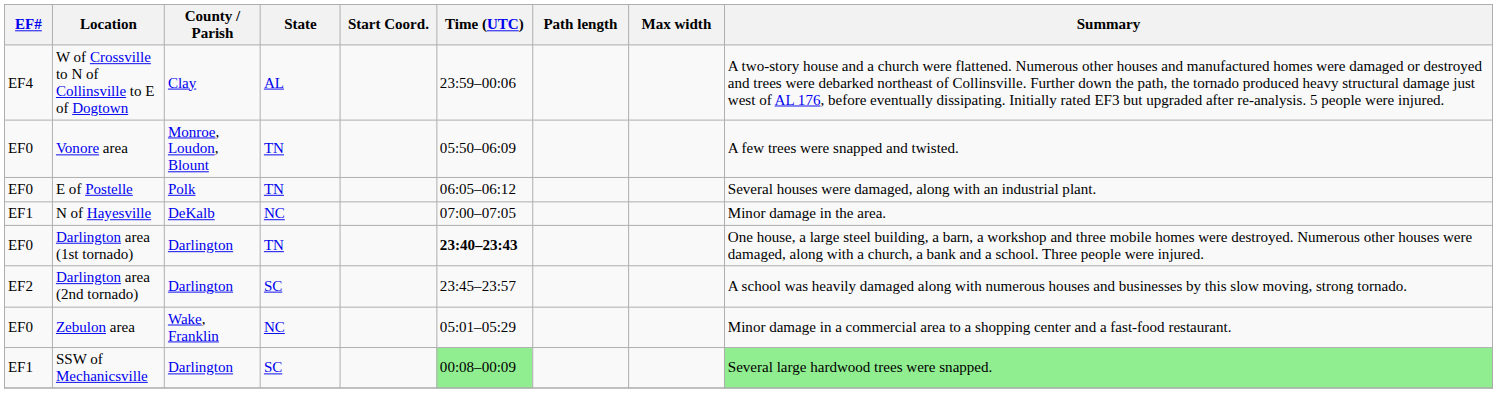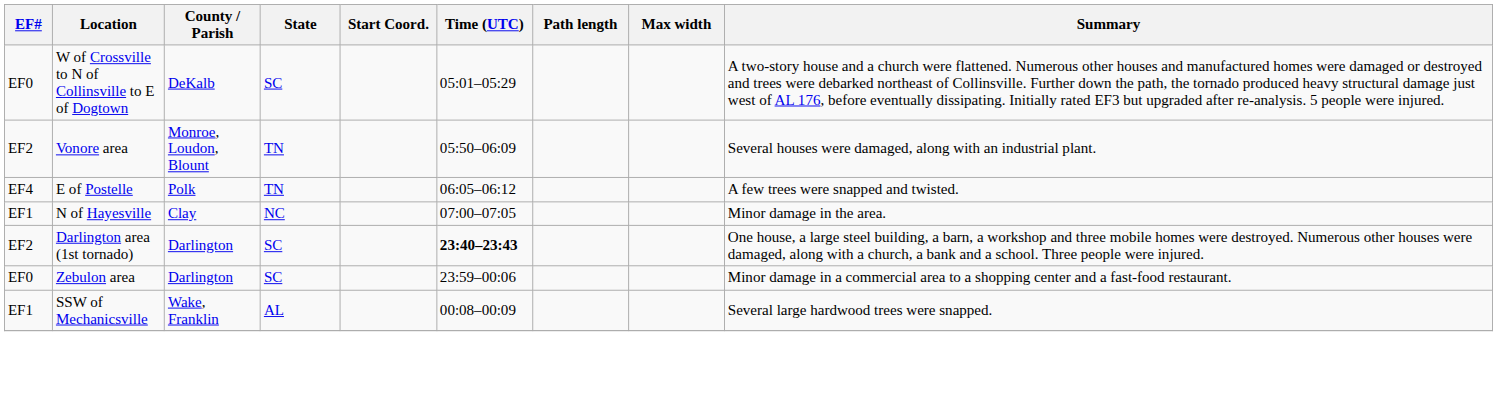 <table class="wikitable sortable" style="width:100%;">
 <tr>
 <th scope="col" width="3%" align="center"><a href='#'>EF#</a></th>
 <th scope="col" width="7%" align="center" class="unsortable">Location</th>
 <th scope="col" width="6%" align="center" class="unsortable">County / Parish</th>
 <th scope="col" width="5%" align="center">State</th>
 <th scope="col" width="6%" align="center">Start Coord.</th>
 <th scope="col" width="6%" align="center">Time (<a href='#'>UTC</a>)</th>
 <th scope="col" width="6%" align="center">Path length</th>
 <th scope="col" width="6%" align="center">Max width</th>
 <th scope="col" width="48%" class="unsortable" align="center">Summary</th>
 </tr>
 <tr>
-<td>EF4</td>
+<td>EF0</td>
 <td>W of <a href='#'>Crossville</a> to N of <a href='#'>Collinsville</a> to E of <a href='#'>Dogtown</a></td>
-<td><a href='#'>Clay</a></td>
-<td><a href='#'>AL</a></td>
+<td><a href='#'>DeKalb</a></td>
+<td><a href='#'>SC</a></td>
 <td></td>
-<td>23:59–00:06</td>
+<td>05:01–05:29</td>
 <td></td>
 <td></td>
 <td>A two-story house and a church were flattened. Numerous other houses and manufactured homes were damaged or destroyed and trees were debarked northeast of Collinsville. Further down the path, the tornado produced heavy structural damage just west of <a href='#'>AL 176</a>, before eventually dissipating. Initially rated EF3 but upgraded after re-analysis. 5 people were injured.</td>
 </tr>
 <tr>
-<td>EF0</td>
+<td>EF2</td>
 <td><a href='#'>Vonore</a> area</td>
 <td><a href='#'>Monroe</a>, <a href='#'>Loudon</a>, <a href='#'>Blount</a></td>
 <td><a href='#'>TN</a></td>
 <td></td>
 <td>05:50–06:09</td>
 <td></td>
 <td></td>
-<td>A few trees were snapped and twisted.</td>
+<td>Several houses were damaged, along with an industrial plant.</td>
 </tr>
 <tr>
-<td>EF0</td>
+<td>EF4</td>
 <td>E of <a href='#'>Postelle</a></td>
 <td><a href='#'>Polk</a></td>
 <td><a href='#'>TN</a></td>
 <td></td>
 <td>06:05–06:12</td>
 <td></td>
 <td></td>
-<td>Several houses were damaged, along with an industrial plant.</td>
+<td>A few trees were snapped and twisted.</td>
 </tr>
 <tr>
 <td>EF1</td>
 <td>N of <a href='#'>Hayesville</a></td>
-<td><a href='#'>DeKalb</a></td>
+<td><a href='#'>Clay</a></td>
 <td><a href='#'>NC</a></td>
 <td></td>
 <td>07:00–07:05</td>
 <td></td>
 <td></td>
 <td>Minor damage in the area.</td>
 </tr>
 <tr>
-<td>EF0</td>
+<td>EF2</td>
 <td><a href='#'>Darlington</a> area (1st tornado)</td>
 <td><a href='#'>Darlington</a></td>
-<td><a href='#'>TN</a></td>
+<td><a href='#'>SC</a></td>
 <td></td>
 <td><strong>23:40–23:43</strong></td>
 <td></td>
 <td></td>
 <td>One house, a large steel building, a barn, a workshop and three mobile homes were destroyed. Numerous other houses were damaged, along with a church, a bank and a school. Three people were injured.</td>
 </tr>
 <tr>
-<td>EF2</td>
-<td><a href='#'>Darlington</a> area (2nd tornado)</td>
+<td>EF0</td>
+<td><a href='#'>Zebulon</a> area</td>
 <td><a href='#'>Darlington</a></td>
 <td><a href='#'>SC</a></td>
 <td></td>
-<td>23:45–23:57</td>
-<td></td>
-<td></td>
-<td>A school was heavily damaged along with numerous houses and businesses by this slow moving, strong tornado.</td>
-</tr>
-<tr>
-<td>EF0</td>
-<td><a href='#'>Zebulon</a> area</td>
-<td><a href='#'>Wake</a>, <a href='#'>Franklin</a></td>
-<td><a href='#'>NC</a></td>
-<td></td>
-<td>05:01–05:29</td>
+<td>23:59–00:06</td>
 <td></td>
 <td></td>
 <td>Minor damage in a commercial area to a shopping center and a fast-food restaurant.</td>
 </tr>
 <tr>
 <td>EF1</td>
 <td>SSW of <a href='#'>Mechanicsville</a></td>
-<td><a href='#'>Darlington</a></td>
-<td><a href='#'>SC</a></td>
+<td><a href='#'>Wake</a>, <a href='#'>Franklin</a></td>
+<td><a href='#'>AL</a></td>
 <td></td>
-<td style="background: lightgreen;">00:08–00:09</td>
+<td>00:08–00:09</td>
 <td></td>
 <td></td>
-<td style="background: lightgreen;">Several large hardwood trees were snapped.</td>
+<td>Several large hardwood trees were snapped.</td>
 </tr>
 <tr>
 </tr>
 </table>
